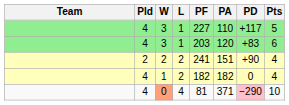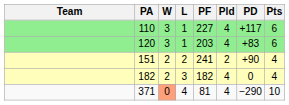 <table class="wikitable" style="text-align:center;">
 <tr>
 <th width=200>Team</th>
-<th width=20>Pld</th>
+<th width=30>PA</th>
 <th width=20>W</th>
 <th width=20>L</th>
 <th width=30>PF</th>
-<th width=30>PA</th>
+<th width=20>Pld</th>
 <th width=30>PD</th>
 <th width=20>Pts</th>
 </tr>
 <tr bgcolor=lightgreen>
 <td align=left></td>
-<td>4</td>
+<td>110</td>
 <td>3</td>
 <td>1</td>
 <td>227</td>
-<td>110</td>
+<td>4</td>
 <td>+117</td>
-<td>5</td>
+<td>6</td>
 </tr>
 <tr bgcolor=lightgreen>
 <td align=left></td>
-<td>4</td>
+<td>120</td>
 <td>3</td>
 <td>1</td>
 <td>203</td>
-<td>120</td>
+<td>4</td>
 <td>+83</td>
 <td>6</td>
 </tr>
 <tr bgcolor=ffffbb>
 <td align=left></td>
-<td>2</td>
+<td>151</td>
 <td>2</td>
 <td>2</td>
 <td>241</td>
-<td>151</td>
+<td>2</td>
 <td>+90</td>
 <td>4</td>
 </tr>
 <tr bgcolor=ffffbb>
 <td align=left></td>
+<td>182</td>
+<td>2</td>
+<td>3</td>
+<td>182</td>
 <td>4</td>
-<td>1</td>
-<td>2</td>
-<td>182</td>
-<td>182</td>
 <td>0</td>
 <td>4</td>
 </tr>
 <tr>
 <td align=left></td>
-<td>4</td>
+<td>371</td>
 <td style="background: lightsalmon;">0</td>
 <td>4</td>
 <td>81</td>
-<td>371</td>
-<td style="background: pink;">−290</td>
+<td>4</td>
+<td>−290</td>
 <td>10</td>
 </tr>
 </table>
